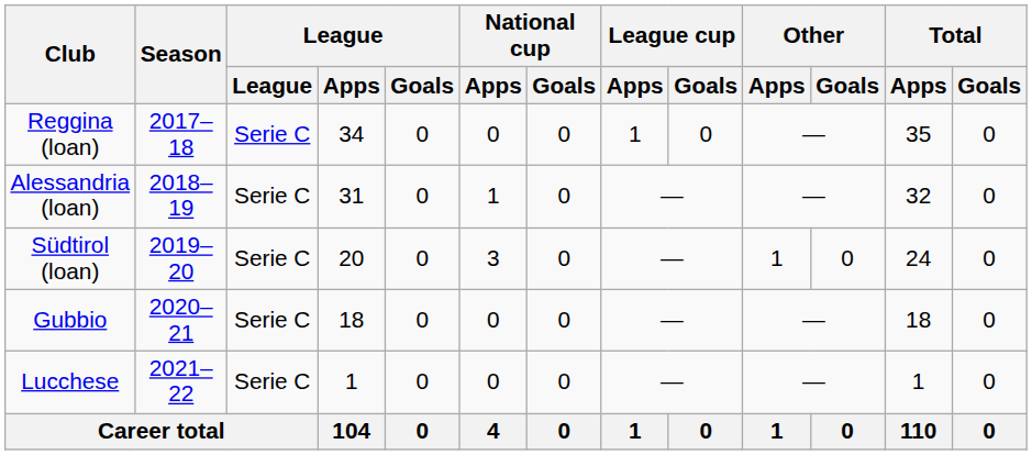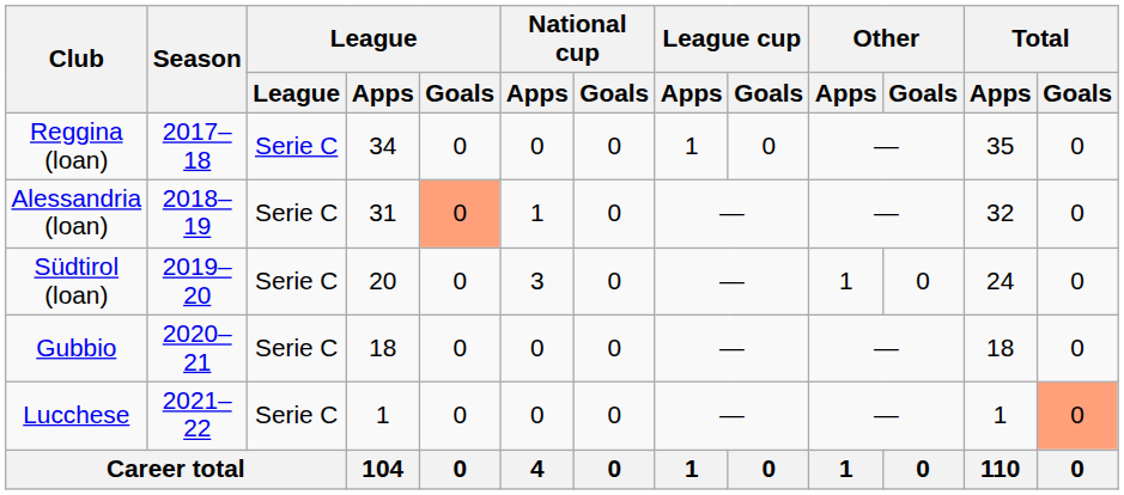 <table class="wikitable" style="text-align: center;">
 <tr>
 <th rowspan="2">Club</th>
 <th rowspan="2">Season</th>
 <th colspan="3">League</th>
 <th colspan="2">National cup</th>
 <th colspan="2">League cup</th>
 <th colspan="2">Other</th>
 <th colspan="2">Total</th>
 </tr>
 <tr>
 <th>League</th>
 <th>Apps</th>
 <th>Goals</th>
 <th>Apps</th>
 <th>Goals</th>
 <th>Apps</th>
 <th>Goals</th>
 <th>Apps</th>
 <th>Goals</th>
 <th>Apps</th>
 <th>Goals</th>
 </tr>
 <tr>
 <td><a href='#'>Reggina</a> (loan)</td>
 <td><a href='#'>2017–18</a></td>
 <td><a href='#'>Serie C</a></td>
 <td>34</td>
 <td>0</td>
 <td>0</td>
 <td>0</td>
 <td>1</td>
 <td>0</td>
 <td colspan="2">—</td>
 <td>35</td>
 <td>0</td>
 </tr>
 <tr>
 <td><a href='#'>Alessandria</a> (loan)</td>
 <td><a href='#'>2018–19</a></td>
 <td>Serie C</td>
 <td>31</td>
-<td>0</td>
+<td style="background: lightsalmon;">0</td>
 <td>1</td>
 <td>0</td>
 <td colspan="2">—</td>
 <td colspan="2">—</td>
 <td>32</td>
 <td>0</td>
 </tr>
 <tr>
 <td><a href='#'>Südtirol</a> (loan)</td>
 <td><a href='#'>2019–20</a></td>
 <td>Serie C</td>
 <td>20</td>
 <td>0</td>
 <td>3</td>
 <td>0</td>
 <td colspan="2">—</td>
 <td>1</td>
 <td>0</td>
 <td>24</td>
 <td>0</td>
 </tr>
 <tr>
 <td><a href='#'>Gubbio</a></td>
 <td><a href='#'>2020–21</a></td>
 <td>Serie C</td>
 <td>18</td>
 <td>0</td>
 <td>0</td>
 <td>0</td>
 <td colspan="2">—</td>
 <td colspan="2">—</td>
 <td>18</td>
 <td>0</td>
 </tr>
 <tr>
 <td><a href='#'>Lucchese</a></td>
 <td><a href='#'>2021–22</a></td>
 <td>Serie C</td>
 <td>1</td>
 <td>0</td>
 <td>0</td>
 <td>0</td>
 <td colspan="2">—</td>
 <td colspan="2">—</td>
 <td>1</td>
-<td>0</td>
+<td style="background: lightsalmon;">0</td>
 </tr>
 <tr>
 <th colspan="3">Career total</th>
 <th>104</th>
 <th>0</th>
 <th>4</th>
 <th>0</th>
 <th>1</th>
 <th>0</th>
 <th>1</th>
 <th>0</th>
 <th>110</th>
 <th>0</th>
 </tr>
 </table>
